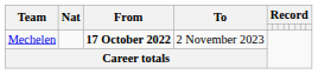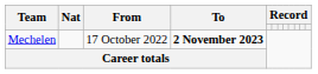 <table class="wikitable">
 <tr>
 <th rowspan="2">Team</th>
 <th rowspan="2">Nat</th>
 <th rowspan="2">From</th>
 <th rowspan="2">To</th>
 <th colspan="8">Record</th>
 </tr>
 <tr>
 <th></th>
 <th></th>
 <th></th>
 <th></th>
 <th></th>
 <th></th>
 <th></th>
 <th></th>
 </tr>
 <tr>
 <td><a href='#'>Mechelen</a></td>
 <td></td>
-<td><strong>17 October 2022</strong></td>
-<td>2 November 2023<br></td>
+<td>17 October 2022</td>
+<td><strong>2 November 2023<br></strong></td>
 </tr>
 <tr>
 <th colspan=4>Career totals<br></th>
 </tr>
 </table>
